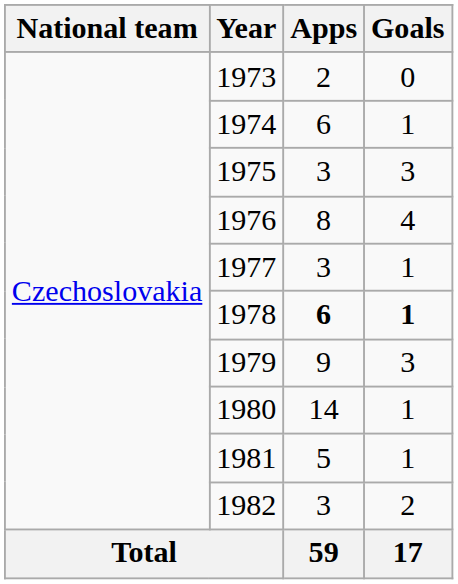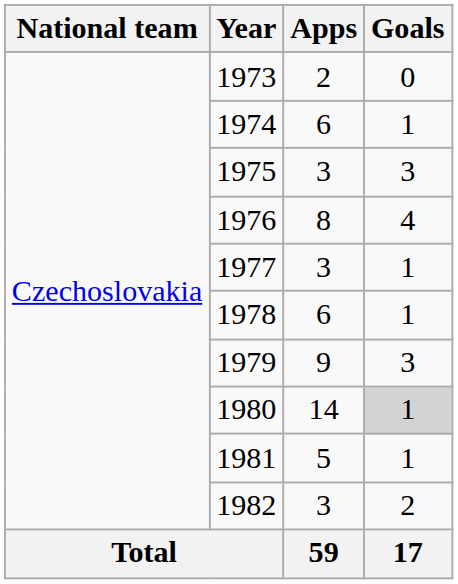 <table class="wikitable" style="text-align:center">
 <tr>
 <th>National team</th>
 <th>Year</th>
 <th>Apps</th>
 <th>Goals</th>
 </tr>
 <tr>
 <td rowspan="10"><a href='#'>Czechoslovakia</a></td>
 <td>1973</td>
 <td>2</td>
 <td>0</td>
 </tr>
 <tr>
 <td>1974</td>
 <td>6</td>
 <td>1</td>
 </tr>
 <tr>
 <td>1975</td>
 <td>3</td>
 <td>3</td>
 </tr>
 <tr>
 <td>1976</td>
 <td>8</td>
 <td>4</td>
 </tr>
 <tr>
 <td>1977</td>
 <td>3</td>
 <td>1</td>
 </tr>
 <tr>
 <td>1978</td>
-<td><strong>6</strong></td>
-<td><strong>1</strong></td>
+<td>6</td>
+<td>1</td>
 </tr>
 <tr>
 <td>1979</td>
 <td>9</td>
 <td>3</td>
 </tr>
 <tr>
 <td>1980</td>
 <td>14</td>
-<td>1</td>
+<td style="background: lightgrey;">1</td>
 </tr>
 <tr>
 <td>1981</td>
 <td>5</td>
 <td>1</td>
 </tr>
 <tr>
 <td>1982</td>
 <td>3</td>
 <td>2</td>
 </tr>
 <tr>
 <th colspan="2">Total</th>
 <th>59</th>
 <th>17</th>
 </tr>
 </table>
